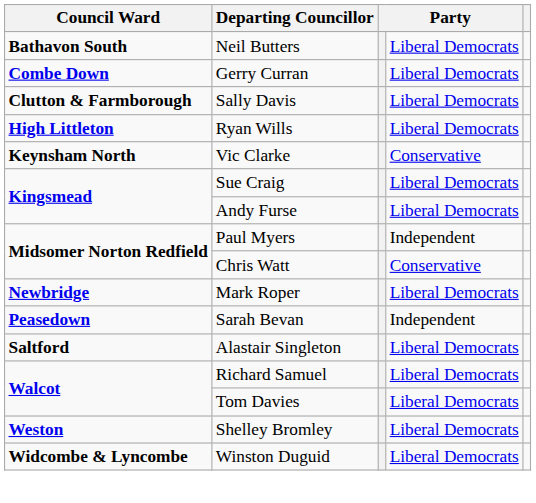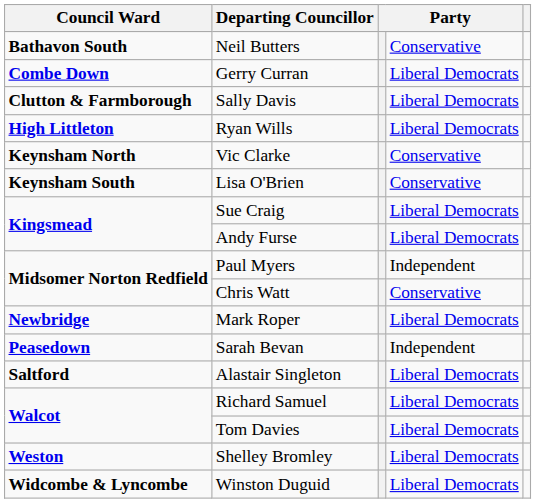 <table class="wikitable sortable">
 <tr>
 <th>Council Ward</th>
 <th>Departing Councillor</th>
 <th colspan="2">Party</th>
 <th class="unsortable"></th>
 </tr>
 <tr>
 <td align="left"><strong>Bathavon South</strong></td>
 <td align="left">Neil Butters</td>
 <th style="background-color: "></th>
-<td><a href='#'>Liberal Democrats</a></td>
+<td><a href='#'>Conservative</a></td>
 <td></td>
 </tr>
 <tr>
 <td align="left"><strong><a href='#'>Combe Down</a></strong></td>
 <td align="left">Gerry Curran</td>
 <th style="background-color: "></th>
 <td><a href='#'>Liberal Democrats</a></td>
 <td></td>
 </tr>
 <tr>
 <td align="left"><strong>Clutton & Farmborough</strong></td>
 <td align="left">Sally Davis</td>
 <th style="background-color: "></th>
 <td><a href='#'>Liberal Democrats</a></td>
 <td></td>
 </tr>
 <tr>
 <td align="left"><strong><a href='#'>High Littleton</a></strong></td>
 <td align="left">Ryan Wills</td>
 <th style="background-color: "></th>
 <td><a href='#'>Liberal Democrats</a></td>
 <td></td>
 </tr>
 <tr>
 <td align="left"><strong>Keynsham North</strong></td>
 <td align="left">Vic Clarke</td>
+<th style="background-color: "></th>
+<td><a href='#'>Conservative</a></td>
+<td></td>
+</tr>
+<tr>
+<td align="left"><strong>Keynsham South</strong></td>
+<td align="left">Lisa O'Brien</td>
 <th style="background-color: "></th>
 <td><a href='#'>Conservative</a></td>
 <td></td>
 </tr>
 <tr>
 <td rowspan="2" align="left"><strong><a href='#'>Kingsmead</a></strong></td>
 <td align="left">Sue Craig</td>
 <th style="background-color: "></th>
 <td><a href='#'>Liberal Democrats</a></td>
 <td></td>
 </tr>
 <tr>
 <td align="left">Andy Furse</td>
 <th style="background-color: "></th>
 <td><a href='#'>Liberal Democrats</a></td>
 <td></td>
 </tr>
 <tr>
 <td rowspan="2" align="left"><strong>Midsomer Norton Redfield</strong></td>
 <td align="left">Paul Myers</td>
 <th style="background-color: "></th>
 <td>Independent</td>
 <td></td>
 </tr>
 <tr>
 <td align="left">Chris Watt</td>
 <th style="background-color: "></th>
 <td><a href='#'>Conservative</a></td>
 <td></td>
 </tr>
 <tr>
 <td align="left"><strong><a href='#'>Newbridge</a></strong></td>
 <td align="left">Mark Roper</td>
 <th style="background-color: "></th>
 <td><a href='#'>Liberal Democrats</a></td>
 <td></td>
 </tr>
 <tr>
 <td align="left"><strong><a href='#'>Peasedown</a></strong></td>
 <td align="left">Sarah Bevan</td>
 <th style="background-color: "></th>
 <td>Independent</td>
 <td></td>
 </tr>
 <tr>
 <td align="left"><strong>Saltford</strong></td>
 <td align="left">Alastair Singleton</td>
 <th style="background-color: "></th>
 <td><a href='#'>Liberal Democrats</a></td>
 <td></td>
 </tr>
 <tr>
 <td rowspan="2" align="left"><strong><a href='#'>Walcot</a></strong></td>
 <td align="left">Richard Samuel</td>
 <th style="background-color: "></th>
 <td><a href='#'>Liberal Democrats</a></td>
 <td></td>
 </tr>
 <tr>
 <td align="left">Tom Davies</td>
 <th style="background-color: "></th>
 <td><a href='#'>Liberal Democrats</a></td>
 <td></td>
 </tr>
 <tr>
 <td align="left"><strong><a href='#'>Weston</a></strong></td>
 <td align="left">Shelley Bromley</td>
 <th style="background-color: "></th>
 <td><a href='#'>Liberal Democrats</a></td>
 <td></td>
 </tr>
 <tr>
 <td align="left"><strong>Widcombe & Lyncombe</strong></td>
 <td align="left">Winston Duguid</td>
 <th style="background-color: "></th>
 <td><a href='#'>Liberal Democrats</a></td>
 <td></td>
 </tr>
 </table>
